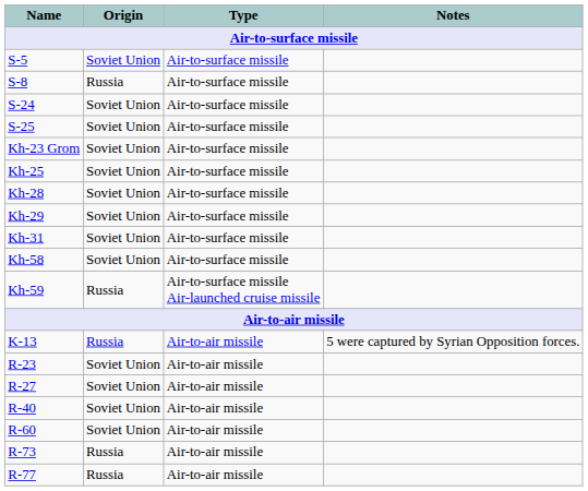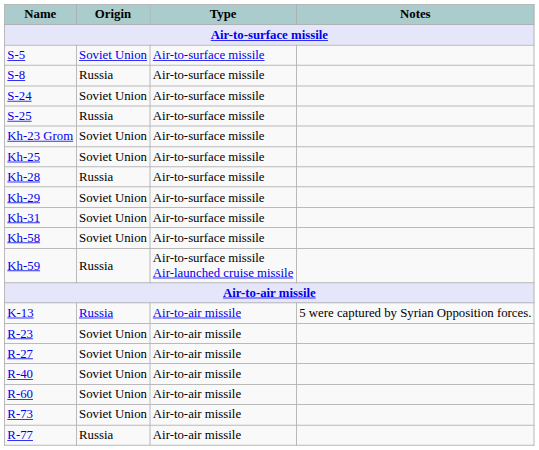 <table class="wikitable">
 <tr>
 <th style="text-align:center; background:#acc;">Name</th>
 <th style="text-align: center; background:#acc;">Origin</th>
 <th style="text-align:l center; background:#acc;">Type</th>
 <th style="text-align: center; background:#acc;">Notes</th>
 </tr>
 <tr>
 <th style="align: center; background: lavender;" colspan="7"><a href='#'>Air-to-surface missile</a></th>
 </tr>
 <tr>
 <td><a href='#'>S-5</a></td>
 <td><a href='#'>Soviet Union</a></td>
 <td><a href='#'>Air-to-surface missile</a></td>
 <td></td>
 </tr>
 <tr>
 <td><a href='#'>S-8</a></td>
 <td>Russia</td>
 <td>Air-to-surface missile</td>
 <td></td>
 </tr>
 <tr>
 <td><a href='#'>S-24</a></td>
 <td>Soviet Union</td>
 <td>Air-to-surface missile</td>
 <td></td>
 </tr>
 <tr>
 <td><a href='#'>S-25</a></td>
-<td>Soviet Union</td>
+<td>Russia</td>
 <td>Air-to-surface missile</td>
 <td></td>
 </tr>
 <tr>
 <td><a href='#'>Kh-23 Grom</a></td>
 <td>Soviet Union</td>
 <td>Air-to-surface missile</td>
 <td></td>
 </tr>
 <tr>
 <td><a href='#'>Kh-25</a></td>
 <td>Soviet Union</td>
 <td>Air-to-surface missile</td>
 <td></td>
 </tr>
 <tr>
 <td><a href='#'>Kh-28</a></td>
-<td>Soviet Union</td>
+<td>Russia</td>
 <td>Air-to-surface missile</td>
 <td></td>
 </tr>
 <tr>
 <td><a href='#'>Kh-29</a></td>
 <td>Soviet Union</td>
 <td>Air-to-surface missile</td>
 <td></td>
 </tr>
 <tr>
 <td><a href='#'>Kh-31</a></td>
 <td>Soviet Union</td>
 <td>Air-to-surface missile</td>
 <td></td>
 </tr>
 <tr>
 <td><a href='#'>Kh-58</a></td>
 <td>Soviet Union</td>
 <td>Air-to-surface missile</td>
 <td></td>
 </tr>
 <tr>
 <td><a href='#'>Kh-59</a></td>
 <td>Russia</td>
 <td>Air-to-surface missile<br><a href='#'>Air-launched cruise missile</a></td>
 <td></td>
 </tr>
 <tr>
 <th style="align: center; background: lavender;" colspan="7"><a href='#'>Air-to-air missile</a></th>
 </tr>
 <tr>
 <td><a href='#'>K-13</a></td>
 <td><a href='#'>Russia</a></td>
 <td><a href='#'>Air-to-air missile</a></td>
 <td> 5 were captured by Syrian Opposition forces.</td>
 </tr>
 <tr>
 <td><a href='#'>R-23</a></td>
 <td>Soviet Union</td>
 <td>Air-to-air missile</td>
 <td></td>
 </tr>
 <tr>
 <td><a href='#'>R-27</a></td>
 <td>Soviet Union</td>
 <td>Air-to-air missile</td>
 <td></td>
 </tr>
 <tr>
 <td><a href='#'>R-40</a></td>
 <td>Soviet Union</td>
 <td>Air-to-air missile</td>
 <td></td>
 </tr>
 <tr>
 <td><a href='#'>R-60</a></td>
 <td>Soviet Union</td>
 <td>Air-to-air missile</td>
 <td></td>
 </tr>
 <tr>
 <td><a href='#'>R-73</a></td>
-<td>Russia</td>
+<td>Soviet Union</td>
 <td>Air-to-air missile</td>
 <td></td>
 </tr>
 <tr>
 <td><a href='#'>R-77</a></td>
 <td>Russia</td>
 <td>Air-to-air missile</td>
 <td></td>
 </tr>
 </table>
